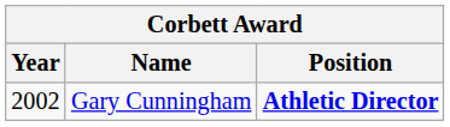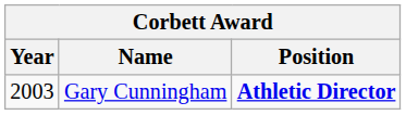 <table class="wikitable">
 <tr align="center">
 <th colspan=5>Corbett Award</th>
 </tr>
 <tr>
 <th>Year</th>
 <th>Name</th>
 <th>Position</th>
 </tr>
 <tr align="center" bgcolor="">
-<td>2002</td>
+<td>2003</td>
 <td><a href='#'>Gary Cunningham</a></td>
 <td><strong><a href='#'>Athletic Director</a></strong></td>
 </tr>
 </table>
